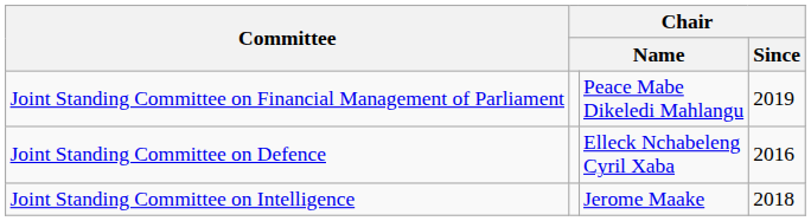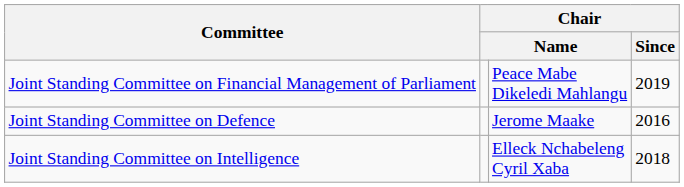 <table class="wikitable">
 <tr>
 <th rowspan="2">Committee</th>
 <th colspan="3">Chair</th>
 </tr>
 <tr>
 <th colspan="2">Name</th>
 <th>Since</th>
 </tr>
 <tr>
 <td><a href='#'>Joint Standing Committee on Financial Management of Parliament</a></td>
 <td style="background:"></td>
 <td><a href='#'>Peace Mabe</a> <br><a href='#'>Dikeledi Mahlangu</a></td>
 <td>2019</td>
 </tr>
 <tr>
 <td><a href='#'>Joint Standing Committee on Defence</a></td>
 <td style="background:"></td>
-<td><a href='#'>Elleck Nchabeleng</a><br><a href='#'>Cyril Xaba</a></td>
+<td><a href='#'>Jerome Maake</a></td>
 <td>2016</td>
 </tr>
 <tr>
 <td><a href='#'>Joint Standing Committee on Intelligence</a></td>
 <td style="background:"></td>
-<td><a href='#'>Jerome Maake</a></td>
+<td><a href='#'>Elleck Nchabeleng</a><br><a href='#'>Cyril Xaba</a></td>
 <td>2018</td>
 </tr>
 </table>
